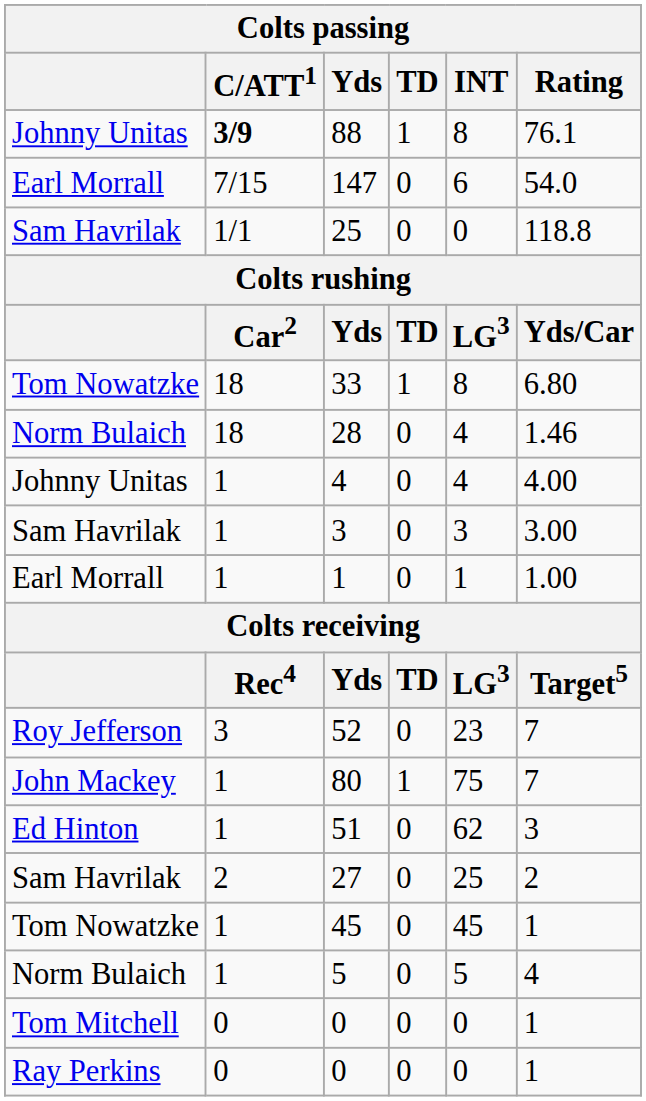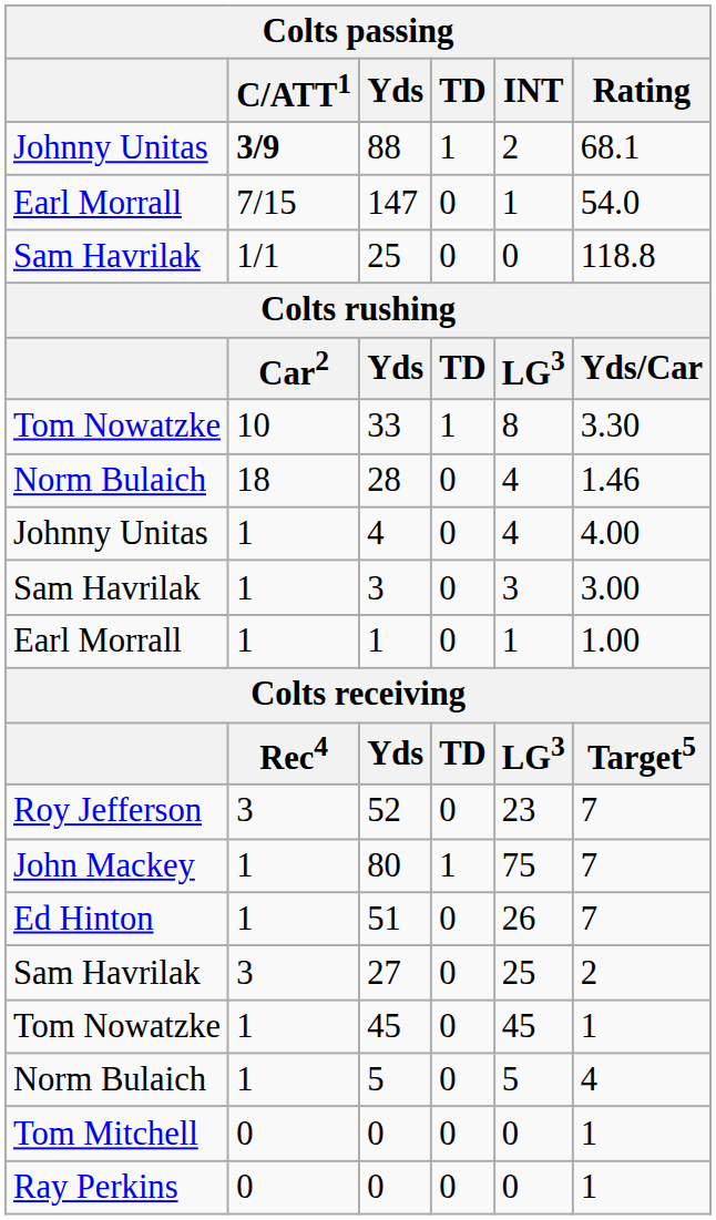 <table class="wikitable">
 <tr>
 <th colspan="6">Colts passing</th>
 </tr>
 <tr>
 <th></th>
 <th>C/ATT<sup>1</sup></th>
 <th>Yds</th>
 <th>TD</th>
 <th>INT</th>
 <th>Rating</th>
 </tr>
 <tr>
 <td><a href='#'>Johnny Unitas</a></td>
 <td><strong>3/9</strong></td>
 <td>88</td>
 <td>1</td>
-<td>8</td>
-<td>76.1</td>
+<td>2</td>
+<td>68.1</td>
 </tr>
 <tr>
 <td><a href='#'>Earl Morrall</a></td>
 <td>7/15</td>
 <td>147</td>
 <td>0</td>
-<td>6</td>
+<td>1</td>
 <td>54.0</td>
 </tr>
 <tr>
 <td><a href='#'>Sam Havrilak</a></td>
 <td>1/1</td>
 <td>25</td>
 <td>0</td>
 <td>0</td>
 <td>118.8</td>
 </tr>
 <tr>
 <th colspan="6">Colts rushing</th>
 </tr>
 <tr>
 <th></th>
 <th>Car<sup>2</sup></th>
 <th>Yds</th>
 <th>TD</th>
 <th>LG<sup>3</sup></th>
 <th>Yds/Car</th>
 </tr>
 <tr>
 <td><a href='#'>Tom Nowatzke</a></td>
-<td>18</td>
+<td>10</td>
 <td>33</td>
 <td>1</td>
 <td>8</td>
-<td>6.80</td>
+<td>3.30</td>
 </tr>
 <tr>
 <td><a href='#'>Norm Bulaich</a></td>
 <td>18</td>
 <td>28</td>
 <td>0</td>
 <td>4</td>
 <td>1.46</td>
 </tr>
 <tr>
 <td>Johnny Unitas</td>
 <td>1</td>
 <td>4</td>
 <td>0</td>
 <td>4</td>
 <td>4.00</td>
 </tr>
 <tr>
 <td>Sam Havrilak</td>
 <td>1</td>
 <td>3</td>
 <td>0</td>
 <td>3</td>
 <td>3.00</td>
 </tr>
 <tr>
 <td>Earl Morrall</td>
 <td>1</td>
 <td>1</td>
 <td>0</td>
 <td>1</td>
 <td>1.00</td>
 </tr>
 <tr>
 <th colspan="6">Colts receiving</th>
 </tr>
 <tr>
 <th></th>
 <th>Rec<sup>4</sup></th>
 <th>Yds</th>
 <th>TD</th>
 <th>LG<sup>3</sup></th>
 <th>Target<sup>5</sup></th>
 </tr>
 <tr>
 <td><a href='#'>Roy Jefferson</a></td>
 <td>3</td>
 <td>52</td>
 <td>0</td>
 <td>23</td>
 <td>7</td>
 </tr>
 <tr>
 <td><a href='#'>John Mackey</a></td>
 <td>1</td>
 <td>80</td>
 <td>1</td>
 <td>75</td>
 <td>7</td>
 </tr>
 <tr>
 <td><a href='#'>Ed Hinton</a></td>
 <td>1</td>
 <td>51</td>
 <td>0</td>
-<td>62</td>
-<td>3</td>
+<td>26</td>
+<td>7</td>
 </tr>
 <tr>
 <td>Sam Havrilak</td>
-<td>2</td>
+<td>3</td>
 <td>27</td>
 <td>0</td>
 <td>25</td>
 <td>2</td>
 </tr>
 <tr>
 <td>Tom Nowatzke</td>
 <td>1</td>
 <td>45</td>
 <td>0</td>
 <td>45</td>
 <td>1</td>
 </tr>
 <tr>
 <td>Norm Bulaich</td>
 <td>1</td>
 <td>5</td>
 <td>0</td>
 <td>5</td>
 <td>4</td>
 </tr>
 <tr>
 <td><a href='#'>Tom Mitchell</a></td>
 <td>0</td>
 <td>0</td>
 <td>0</td>
 <td>0</td>
 <td>1</td>
 </tr>
 <tr>
 <td><a href='#'>Ray Perkins</a></td>
 <td>0</td>
 <td>0</td>
 <td>0</td>
 <td>0</td>
 <td>1</td>
 </tr>
 </table>
